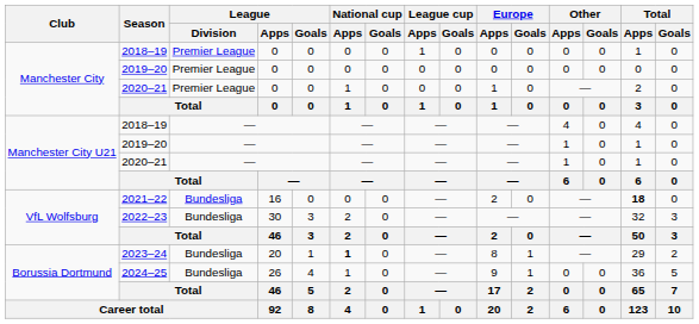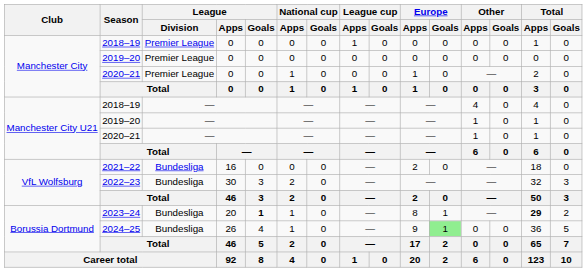 <table class="wikitable" style="text-align:center">
 <tr>
 <th rowspan=2>Club</th>
 <th rowspan=2>Season</th>
 <th colspan=3>League</th>
 <th colspan=2>National cup</th>
 <th colspan=2>League cup</th>
 <th colspan=2><a href='#'>Europe</a></th>
 <th colspan=2>Other</th>
 <th colspan=2>Total</th>
 </tr>
 <tr>
 <th>Division</th>
 <th>Apps</th>
 <th>Goals</th>
 <th>Apps</th>
 <th>Goals</th>
 <th>Apps</th>
 <th>Goals</th>
 <th>Apps</th>
 <th>Goals</th>
 <th>Apps</th>
 <th>Goals</th>
 <th>Apps</th>
 <th>Goals</th>
 </tr>
 <tr>
 <td rowspan=4><a href='#'>Manchester City</a></td>
 <td><a href='#'>2018–19</a></td>
 <td><a href='#'>Premier League</a></td>
 <td>0</td>
 <td>0</td>
 <td>0</td>
 <td>0</td>
 <td>1</td>
 <td>0</td>
 <td>0</td>
 <td>0</td>
 <td>0</td>
 <td>0</td>
 <td>1</td>
 <td>0</td>
 </tr>
 <tr>
 <td><a href='#'>2019–20</a></td>
 <td>Premier League</td>
 <td>0</td>
 <td>0</td>
 <td>0</td>
 <td>0</td>
 <td>0</td>
 <td>0</td>
 <td>0</td>
 <td>0</td>
 <td>0</td>
 <td>0</td>
 <td>0</td>
 <td>0</td>
 </tr>
 <tr>
 <td><a href='#'>2020–21</a></td>
 <td>Premier League</td>
 <td>0</td>
 <td>0</td>
 <td>1</td>
 <td>0</td>
 <td>0</td>
 <td>0</td>
 <td>1</td>
 <td>0</td>
 <td colspan=2>—</td>
 <td>2</td>
 <td>0</td>
 </tr>
 <tr>
 <th colspan=2>Total</th>
 <th>0</th>
 <th>0</th>
 <th>1</th>
 <th>0</th>
 <th>1</th>
 <th>0</th>
 <th>1</th>
 <th>0</th>
 <th>0</th>
 <th>0</th>
 <th>3</th>
 <th>0</th>
 </tr>
 <tr>
 <td rowspan=4><a href='#'>Manchester City U21</a></td>
 <td>2018–19</td>
 <td colspan=3>—</td>
 <td colspan=2>—</td>
 <td colspan=2>—</td>
 <td colspan=2>—</td>
 <td>4</td>
 <td>0</td>
 <td>4</td>
 <td>0</td>
 </tr>
 <tr>
 <td>2019–20</td>
 <td colspan=3>—</td>
 <td colspan=2>—</td>
 <td colspan=2>—</td>
 <td colspan=2>—</td>
 <td>1</td>
 <td>0</td>
 <td>1</td>
 <td>0</td>
 </tr>
 <tr>
 <td>2020–21</td>
 <td colspan=3>—</td>
 <td colspan=2>—</td>
 <td colspan=2>—</td>
 <td colspan=2>—</td>
 <td>1</td>
 <td>0</td>
 <td>1</td>
 <td>0</td>
 </tr>
 <tr>
 <th colspan=2>Total</th>
 <th colspan=2>—</th>
 <th colspan=2>—</th>
 <th colspan=2>—</th>
 <th colspan=2>—</th>
 <th>6</th>
 <th>0</th>
 <th>6</th>
 <th>0</th>
 </tr>
 <tr>
 <td rowspan=3><a href='#'>VfL Wolfsburg</a></td>
 <td><a href='#'>2021–22</a></td>
 <td><a href='#'>Bundesliga</a></td>
 <td>16</td>
 <td>0</td>
 <td>0</td>
 <td>0</td>
 <td colspan=2>—</td>
 <td>2</td>
 <td>0</td>
 <td colspan=2>—</td>
-<td><strong>18</strong></td>
+<td>18</td>
 <td>0</td>
 </tr>
 <tr>
 <td><a href='#'>2022–23</a></td>
 <td>Bundesliga</td>
 <td>30</td>
 <td>3</td>
 <td>2</td>
 <td>0</td>
 <td colspan=2>—</td>
 <td colspan=2>—</td>
 <td colspan=2>—</td>
 <td>32</td>
 <td>3</td>
 </tr>
 <tr>
 <th colspan=2>Total</th>
 <th>46</th>
 <th>3</th>
 <th>2</th>
 <th>0</th>
 <th colspan=2>—</th>
 <th>2</th>
 <th>0</th>
 <th colspan=2>—</th>
 <th>50</th>
 <th>3</th>
 </tr>
 <tr>
 <td rowspan="3"><a href='#'>Borussia Dortmund</a></td>
 <td><a href='#'>2023–24</a></td>
 <td>Bundesliga</td>
 <td>20</td>
+<td><strong>1</strong></td>
 <td>1</td>
-<td><strong>1</strong></td>
 <td>0</td>
 <td colspan=2>—</td>
 <td>8</td>
 <td>1</td>
 <td colspan=2>—</td>
-<td>29</td>
+<td><strong>29</strong></td>
 <td>2</td>
 </tr>
 <tr>
 <td><a href='#'>2024–25</a></td>
 <td>Bundesliga</td>
 <td>26</td>
 <td>4</td>
 <td>1</td>
 <td>0</td>
 <td colspan=2>—</td>
 <td>9</td>
-<td>1</td>
+<td style="background: lightgreen;">1</td>
 <td>0</td>
 <td>0</td>
 <td>36</td>
 <td>5</td>
 </tr>
 <tr>
 <th colspan=2>Total</th>
 <th>46</th>
 <th>5</th>
 <th>2</th>
 <th>0</th>
 <th colspan=2>—</th>
 <th>17</th>
 <th>2</th>
 <th>0</th>
 <th>0</th>
 <th>65</th>
 <th>7</th>
 </tr>
 <tr>
 <th colspan=3>Career total</th>
 <th>92</th>
 <th>8</th>
 <th>4</th>
 <th>0</th>
 <th>1</th>
 <th>0</th>
 <th>20</th>
 <th>2</th>
 <th>6</th>
 <th>0</th>
 <th>123</th>
 <th>10</th>
 </tr>
 </table>
